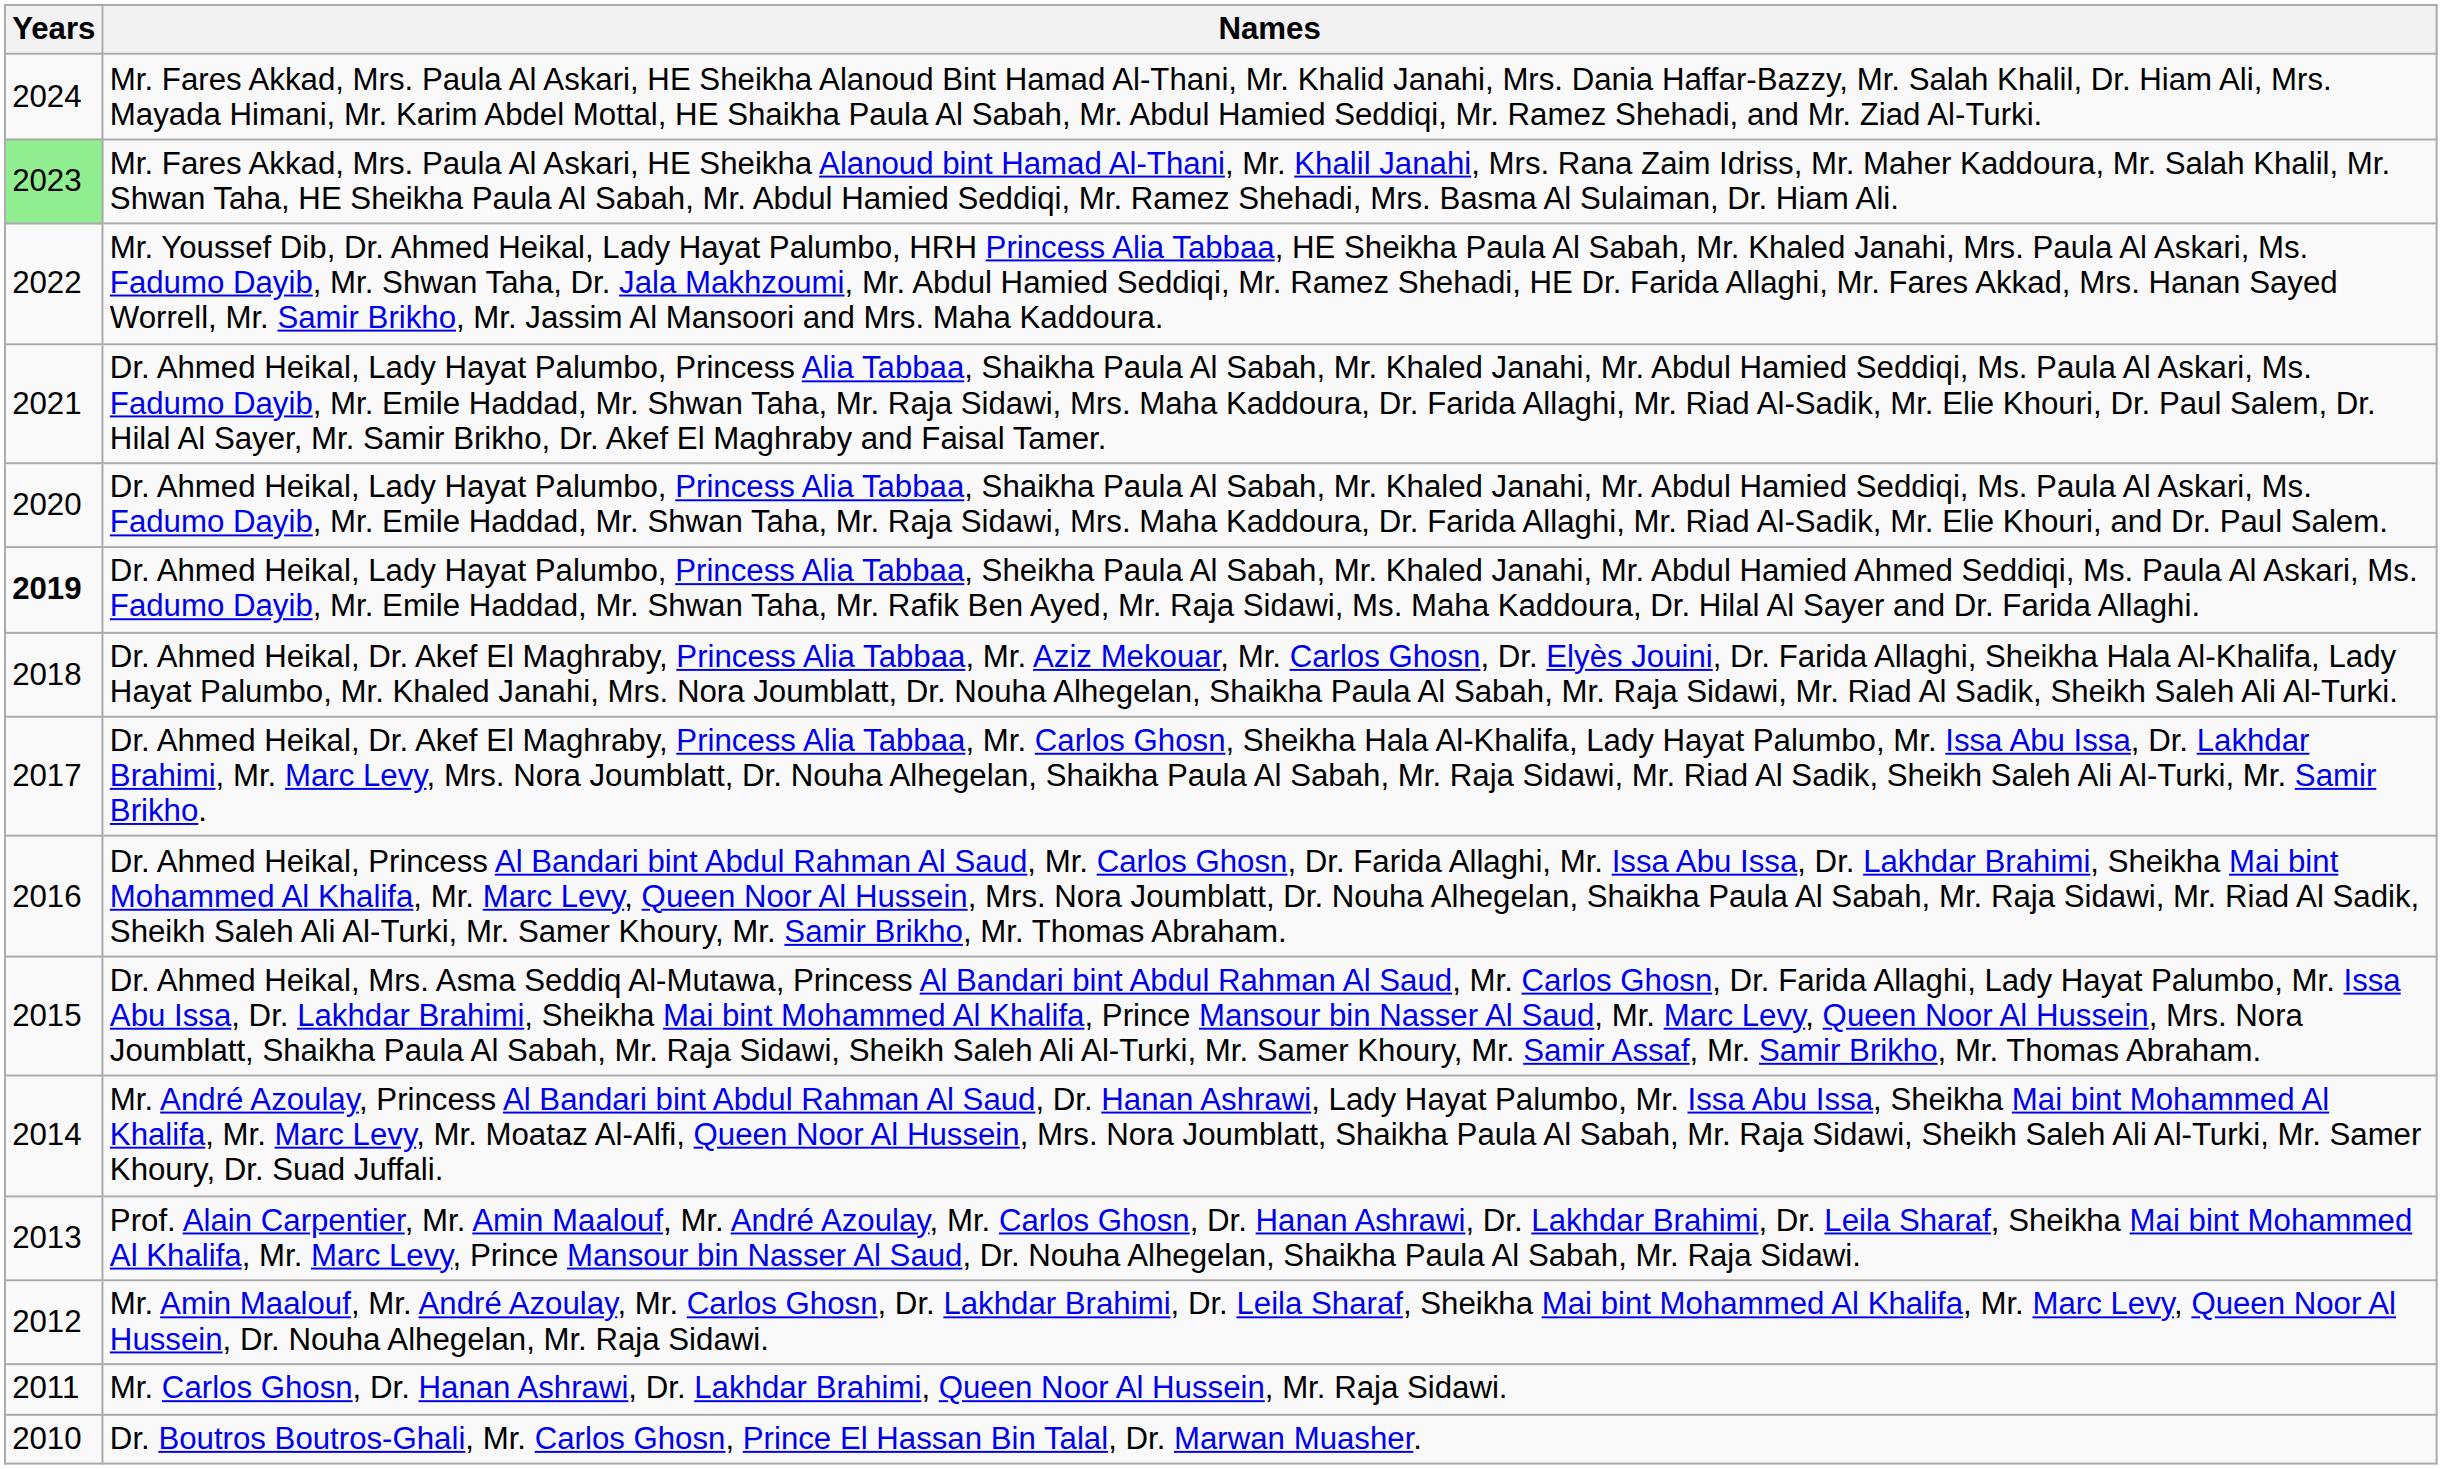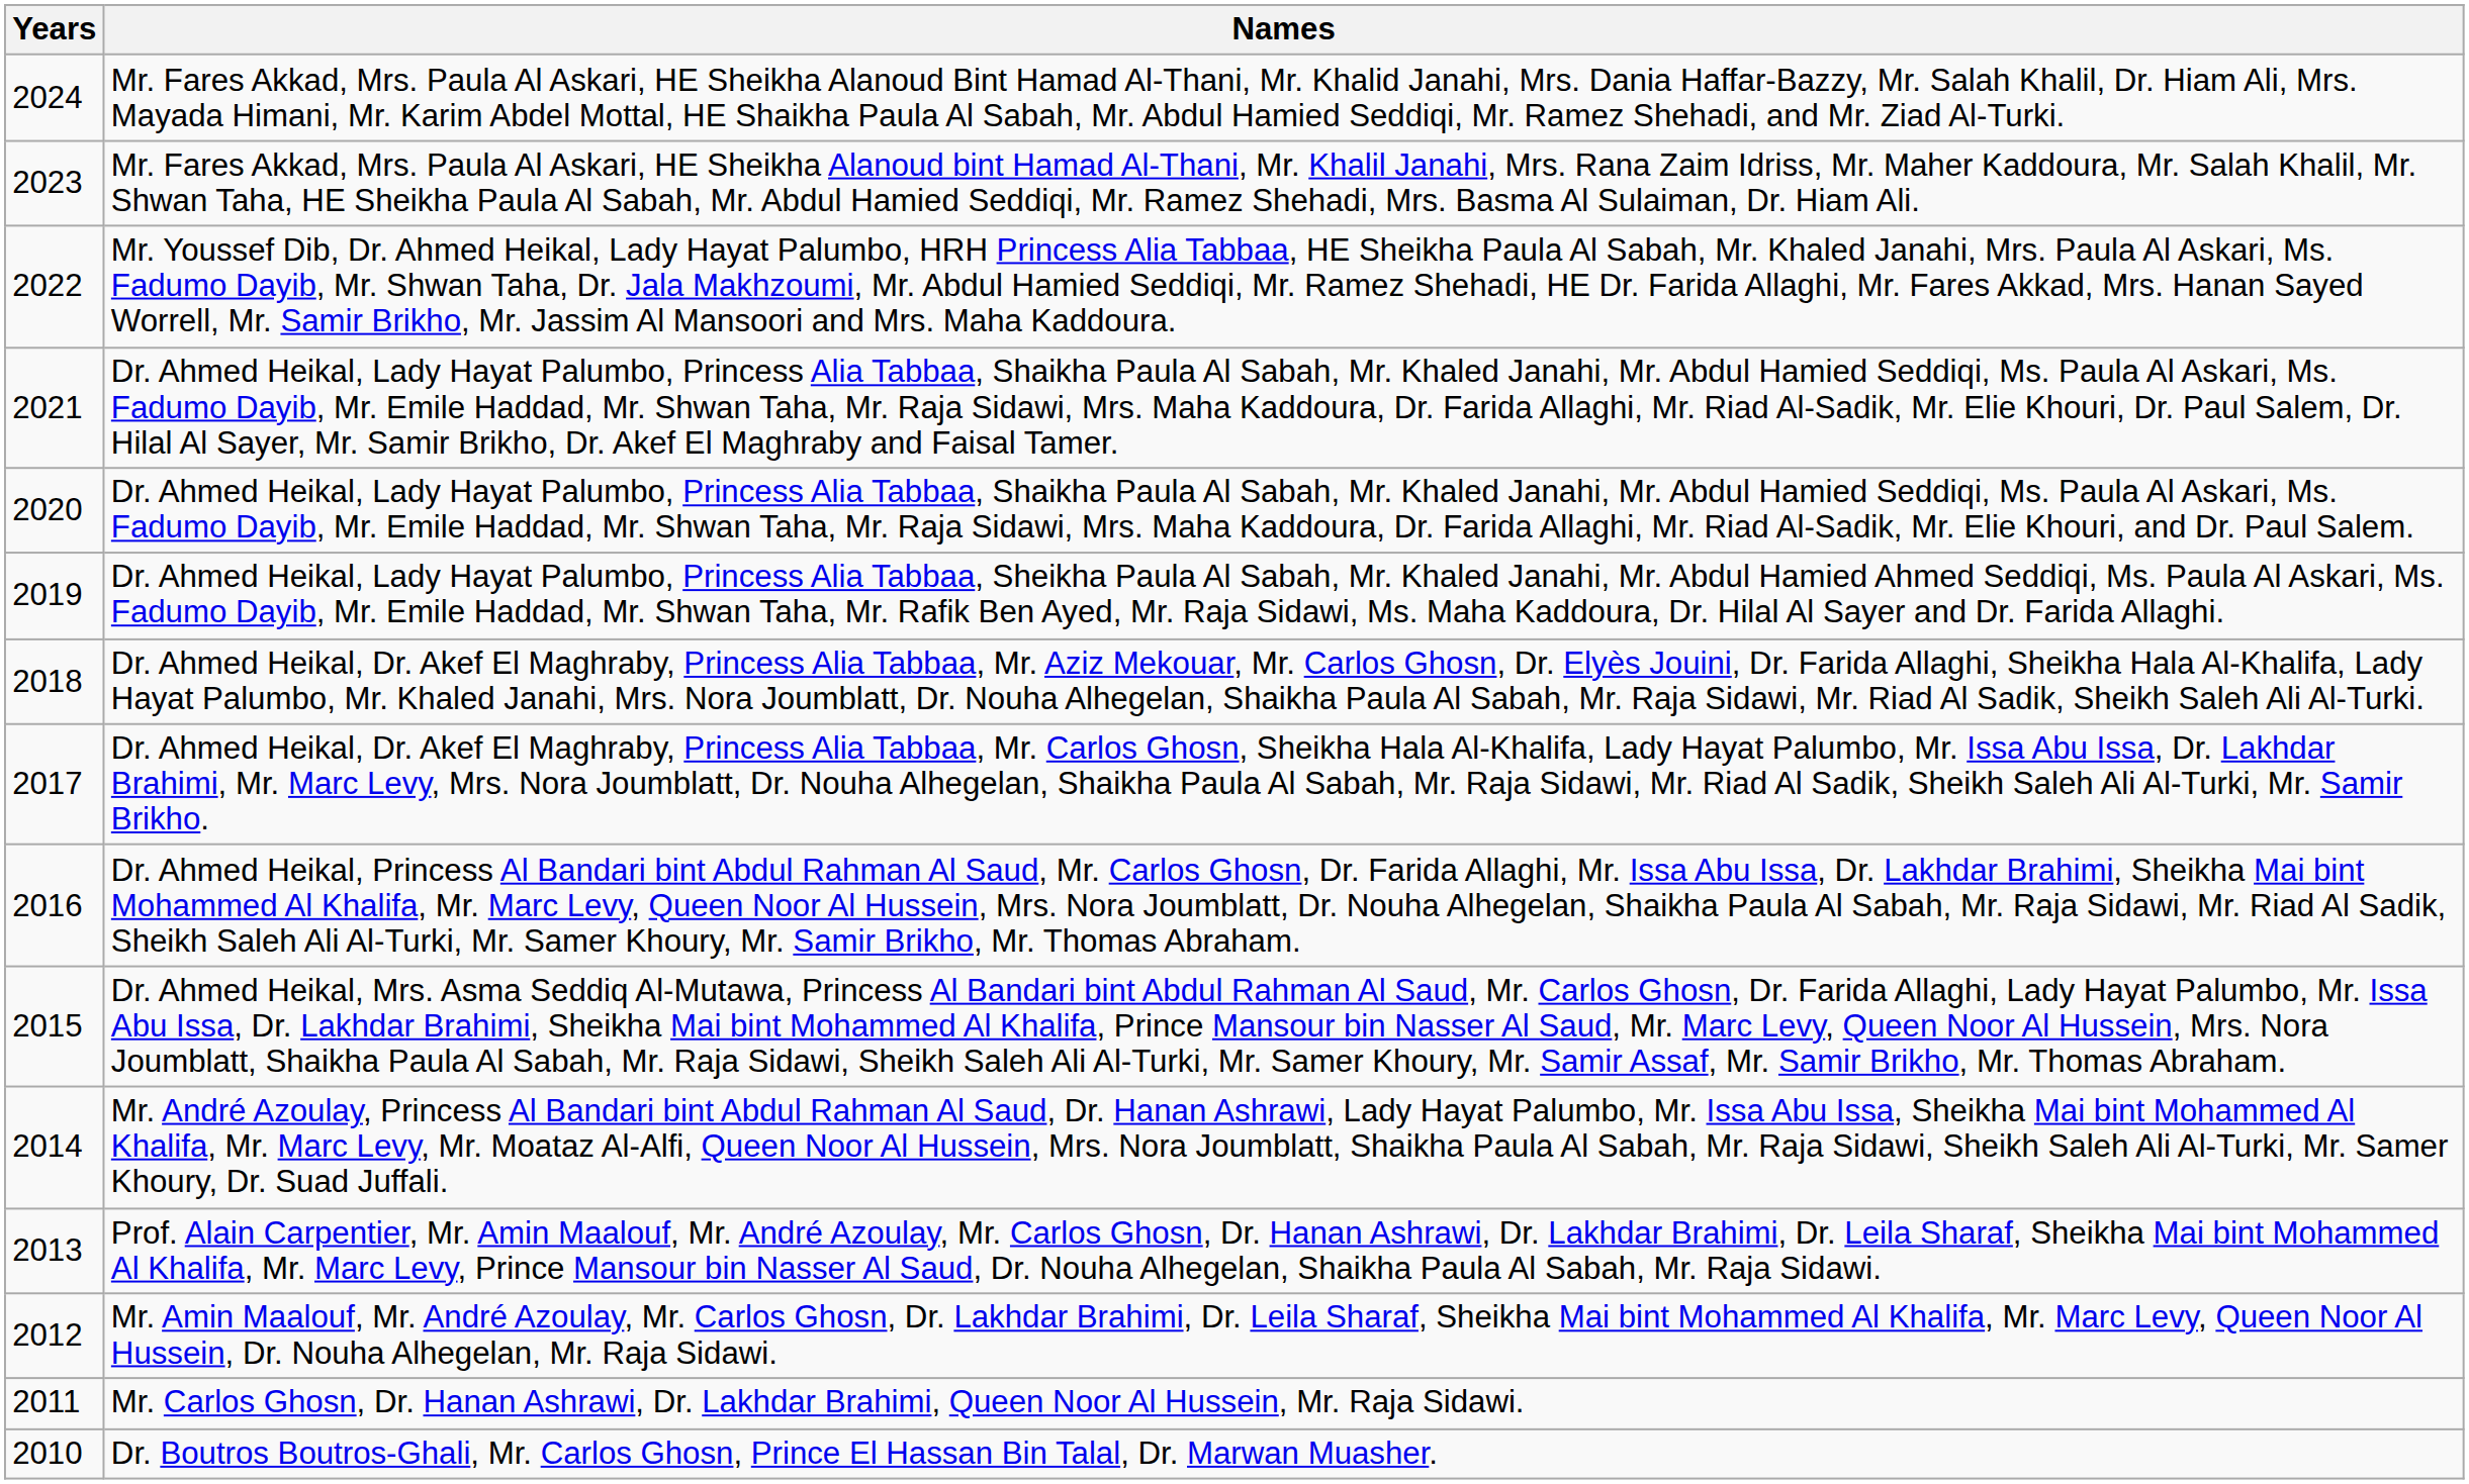 <table class="wikitable">
 <tr>
 <th>Years</th>
 <th>Names</th>
 </tr>
 <tr>
 <td>2024</td>
 <td>Mr. Fares Akkad, Mrs. Paula Al Askari, HE Sheikha Alanoud Bint Hamad Al-Thani, Mr. Khalid Janahi, Mrs. Dania Haffar-Bazzy, Mr. Salah Khalil, Dr. Hiam Ali, Mrs. Mayada Himani, Mr. Karim Abdel Mottal, HE Shaikha Paula Al Sabah, Mr. Abdul Hamied Seddiqi, Mr. Ramez Shehadi, and Mr. Ziad Al-Turki.</td>
 </tr>
 <tr>
-<td style="background: lightgreen;">2023</td>
+<td>2023</td>
 <td>Mr. Fares Akkad, Mrs. Paula Al Askari, HE Sheikha <a href='#'>Alanoud bint Hamad Al-Thani</a>, Mr. <a href='#'>Khalil Janahi</a>, Mrs. Rana Zaim Idriss, Mr. Maher Kaddoura, Mr. Salah Khalil, Mr. Shwan Taha, HE Sheikha Paula Al Sabah, Mr. Abdul Hamied Seddiqi, Mr. Ramez Shehadi, Mrs. Basma Al Sulaiman, Dr. Hiam Ali.</td>
 </tr>
 <tr>
 <td>2022</td>
 <td>Mr. Youssef Dib, Dr. Ahmed Heikal, Lady Hayat Palumbo, HRH <a href='#'>Princess Alia Tabbaa</a>, HE Sheikha Paula Al Sabah, Mr. Khaled Janahi, Mrs. Paula Al Askari, Ms. <a href='#'>Fadumo Dayib</a>, Mr. Shwan Taha, Dr. <a href='#'>Jala Makhzoumi</a>, Mr. Abdul Hamied Seddiqi, Mr. Ramez Shehadi, HE Dr. Farida Allaghi, Mr. Fares Akkad, Mrs. Hanan Sayed Worrell, Mr. <a href='#'>Samir Brikho</a>, Mr. Jassim Al Mansoori and Mrs. Maha Kaddoura.</td>
 </tr>
 <tr>
 <td>2021</td>
 <td>Dr. Ahmed Heikal, Lady Hayat Palumbo, Princess <a href='#'>Alia Tabbaa</a>, Shaikha Paula Al Sabah, Mr. Khaled Janahi, Mr. Abdul Hamied Seddiqi, Ms. Paula Al Askari, Ms. <a href='#'>Fadumo Dayib</a>, Mr. Emile Haddad, Mr. Shwan Taha, Mr. Raja Sidawi, Mrs. Maha Kaddoura, Dr. Farida Allaghi, Mr. Riad Al-Sadik, Mr. Elie Khouri, Dr. Paul Salem, Dr. Hilal Al Sayer, Mr. Samir Brikho, Dr. Akef El Maghraby and Faisal Tamer.</td>
 </tr>
 <tr>
 <td>2020</td>
 <td>Dr. Ahmed Heikal, Lady Hayat Palumbo, <a href='#'>Princess Alia Tabbaa</a>, Shaikha Paula Al Sabah, Mr. Khaled Janahi, Mr. Abdul Hamied Seddiqi, Ms. Paula Al Askari, Ms. <a href='#'>Fadumo Dayib</a>, Mr. Emile Haddad, Mr. Shwan Taha, Mr. Raja Sidawi, Mrs. Maha Kaddoura, Dr. Farida Allaghi, Mr. Riad Al-Sadik, Mr. Elie Khouri, and Dr. Paul Salem.</td>
 </tr>
 <tr>
-<td><strong>2019</strong></td>
+<td>2019</td>
 <td>Dr. Ahmed Heikal, Lady Hayat Palumbo, <a href='#'>Princess Alia Tabbaa</a>, Sheikha Paula Al Sabah, Mr. Khaled Janahi, Mr. Abdul Hamied Ahmed Seddiqi, Ms. Paula Al Askari, Ms. <a href='#'>Fadumo Dayib</a>, Mr. Emile Haddad, Mr. Shwan Taha, Mr. Rafik Ben Ayed, Mr. Raja Sidawi, Ms. Maha Kaddoura, Dr. Hilal Al Sayer and Dr. Farida Allaghi.</td>
 </tr>
 <tr>
 <td>2018</td>
 <td>Dr. Ahmed Heikal, Dr. Akef El Maghraby, <a href='#'>Princess Alia Tabbaa</a>, Mr. <a href='#'>Aziz Mekouar</a>,  Mr. <a href='#'>Carlos Ghosn</a>, Dr. <a href='#'>Elyès Jouini</a>, Dr. Farida Allaghi, Sheikha Hala Al-Khalifa, Lady Hayat Palumbo, Mr. Khaled Janahi, Mrs. Nora Joumblatt, Dr.  Nouha Alhegelan, Shaikha Paula Al Sabah, Mr. Raja Sidawi, Mr. Riad Al Sadik, Sheikh Saleh Ali Al-Turki.</td>
 </tr>
 <tr>
 <td>2017</td>
 <td>Dr. Ahmed Heikal, Dr. Akef El Maghraby, <a href='#'>Princess Alia Tabbaa</a>, Mr. <a href='#'>Carlos Ghosn</a>, Sheikha Hala Al-Khalifa, Lady Hayat Palumbo, Mr. <a href='#'>Issa Abu Issa</a>, Dr. <a href='#'>Lakhdar Brahimi</a>, Mr. <a href='#'>Marc Levy</a>, Mrs. Nora Joumblatt, Dr. Nouha Alhegelan, Shaikha Paula Al Sabah, Mr. Raja Sidawi, Mr. Riad Al Sadik, Sheikh Saleh Ali Al-Turki, Mr. <a href='#'>Samir Brikho</a>.</td>
 </tr>
 <tr>
 <td>2016</td>
 <td>Dr. Ahmed Heikal, Princess <a href='#'>Al Bandari bint Abdul Rahman Al Saud</a>, Mr. <a href='#'>Carlos Ghosn</a>, Dr. Farida Allaghi, Mr. <a href='#'>Issa Abu Issa</a>, Dr. <a href='#'>Lakhdar Brahimi</a>, Sheikha <a href='#'>Mai bint Mohammed Al Khalifa</a>, Mr. <a href='#'>Marc Levy</a>, <a href='#'>Queen Noor Al Hussein</a>, Mrs. Nora Joumblatt, Dr. Nouha Alhegelan, Shaikha Paula Al Sabah, Mr. Raja Sidawi, Mr. Riad Al Sadik, Sheikh Saleh Ali Al-Turki, Mr. Samer Khoury, Mr. <a href='#'>Samir Brikho</a>, Mr. Thomas Abraham.</td>
 </tr>
 <tr>
 <td>2015</td>
 <td>Dr. Ahmed Heikal, Mrs. Asma Seddiq Al-Mutawa, Princess <a href='#'>Al Bandari bint Abdul Rahman Al Saud</a>, Mr. <a href='#'>Carlos Ghosn</a>, Dr. Farida Allaghi, Lady Hayat Palumbo, Mr. <a href='#'>Issa Abu Issa</a>, Dr. <a href='#'>Lakhdar Brahimi</a>, Sheikha <a href='#'>Mai bint Mohammed Al Khalifa</a>, Prince <a href='#'>Mansour bin Nasser Al Saud</a>, Mr. <a href='#'>Marc Levy</a>, <a href='#'>Queen Noor Al Hussein</a>, Mrs. Nora Joumblatt, Shaikha Paula Al Sabah, Mr. Raja Sidawi, Sheikh Saleh Ali Al-Turki, Mr. Samer Khoury, Mr. <a href='#'>Samir Assaf</a>,  Mr. <a href='#'>Samir Brikho</a>, Mr. Thomas Abraham.</td>
 </tr>
 <tr>
 <td>2014</td>
 <td>Mr. <a href='#'>André Azoulay</a>, Princess <a href='#'>Al Bandari bint Abdul Rahman Al Saud</a>, Dr. <a href='#'>Hanan Ashrawi</a>,  Lady Hayat Palumbo, Mr. <a href='#'>Issa Abu Issa</a>, Sheikha <a href='#'>Mai bint Mohammed Al Khalifa</a>, Mr. <a href='#'>Marc Levy</a>, Mr. Moataz Al-Alfi, <a href='#'>Queen Noor Al Hussein</a>, Mrs. Nora Joumblatt, Shaikha Paula Al Sabah, Mr. Raja Sidawi, Sheikh Saleh Ali Al-Turki, Mr. Samer Khoury, Dr. Suad Juffali.</td>
 </tr>
 <tr>
 <td>2013</td>
 <td>Prof. <a href='#'>Alain Carpentier</a>, Mr. <a href='#'>Amin Maalouf</a>, Mr. <a href='#'>André Azoulay</a>, Mr. <a href='#'>Carlos Ghosn</a>, Dr. <a href='#'>Hanan Ashrawi</a>, Dr. <a href='#'>Lakhdar Brahimi</a>, Dr. <a href='#'>Leila Sharaf</a>, Sheikha <a href='#'>Mai bint Mohammed Al Khalifa</a>, Mr. <a href='#'>Marc Levy</a>, Prince <a href='#'>Mansour bin Nasser Al Saud</a>, Dr. Nouha Alhegelan, Shaikha Paula Al Sabah, Mr. Raja Sidawi.</td>
 </tr>
 <tr>
 <td>2012</td>
 <td>Mr. <a href='#'>Amin Maalouf</a>, Mr. <a href='#'>André Azoulay</a>, Mr. <a href='#'>Carlos Ghosn</a>, Dr. <a href='#'>Lakhdar Brahimi</a>, Dr. <a href='#'>Leila Sharaf</a>, Sheikha <a href='#'>Mai bint Mohammed Al Khalifa</a>, Mr. <a href='#'>Marc Levy</a>, <a href='#'>Queen Noor Al Hussein</a>, Dr. Nouha Alhegelan, Mr. Raja Sidawi.</td>
 </tr>
 <tr>
 <td>2011</td>
 <td>Mr. <a href='#'>Carlos Ghosn</a>, Dr. <a href='#'>Hanan Ashrawi</a>, Dr. <a href='#'>Lakhdar Brahimi</a>, <a href='#'>Queen Noor Al Hussein</a>, Mr. Raja Sidawi.</td>
 </tr>
 <tr>
 <td>2010</td>
 <td>Dr. <a href='#'>Boutros Boutros-Ghali</a>, Mr. <a href='#'>Carlos Ghosn</a>, <a href='#'>Prince El Hassan Bin Talal</a>, Dr. <a href='#'>Marwan Muasher</a>.</td>
 </tr>
 </table>
